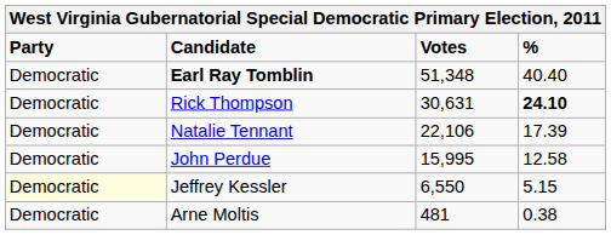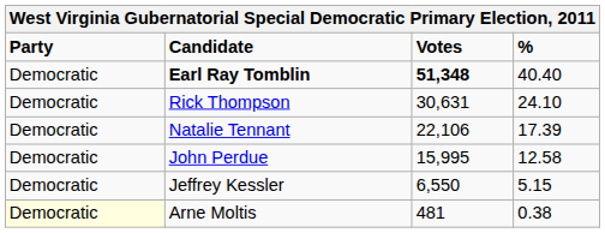 <table class="wikitable">
 <tr>
 <th colspan="4">West Virginia Gubernatorial Special Democratic Primary Election, 2011</th>
 </tr>
 <tr>
 <td><strong>Party</strong></td>
 <td><strong>Candidate</strong></td>
 <td><strong>Votes</strong></td>
 <td><strong>%</strong></td>
 </tr>
 <tr>
 <td>Democratic</td>
 <td><strong>Earl Ray Tomblin</strong></td>
-<td>51,348</td>
+<td><strong>51,348</strong></td>
 <td>40.40</td>
 </tr>
 <tr>
 <td>Democratic</td>
 <td><a href='#'>Rick Thompson</a></td>
 <td>30,631</td>
-<td><strong>24.10</strong></td>
+<td>24.10</td>
 </tr>
 <tr>
 <td>Democratic</td>
 <td><a href='#'>Natalie Tennant</a></td>
 <td>22,106</td>
 <td>17.39</td>
 </tr>
 <tr>
 <td>Democratic</td>
 <td><a href='#'>John Perdue</a></td>
 <td>15,995</td>
 <td>12.58</td>
 </tr>
 <tr>
-<td style="background: lightyellow;">Democratic</td>
+<td>Democratic</td>
 <td>Jeffrey Kessler</td>
 <td>6,550</td>
 <td>5.15</td>
 </tr>
 <tr>
-<td>Democratic</td>
+<td style="background: lightyellow;">Democratic</td>
 <td>Arne Moltis</td>
 <td>481</td>
 <td>0.38</td>
 </tr>
 </table>
